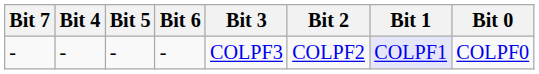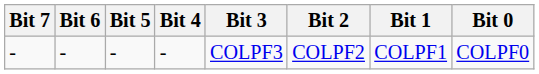 <table class="wikitable">
 <tr>
 <th>Bit 7</th>
+<th>Bit 6</th>
+<th>Bit 5</th>
 <th>Bit 4</th>
-<th>Bit 5</th>
-<th>Bit 6</th>
 <th>Bit 3</th>
 <th>Bit 2</th>
 <th>Bit 1</th>
 <th>Bit 0</th>
 </tr>
 <tr>
 <td>-</td>
 <td>-</td>
 <td>-</td>
 <td>-</td>
 <td><a href='#'>COLPF3</a></td>
 <td><a href='#'>COLPF2</a></td>
-<td style="background: lavender;"><a href='#'>COLPF1</a></td>
+<td><a href='#'>COLPF1</a></td>
 <td><a href='#'>COLPF0</a></td>
 </tr>
 </table>
